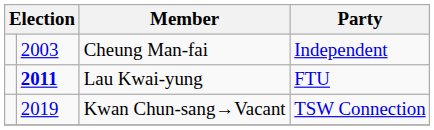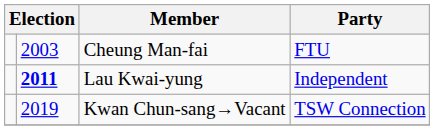 <table class="wikitable">
 <tr>
 <th colspan="2">Election</th>
 <th>Member</th>
 <th>Party</th>
 </tr>
 <tr>
 <td style="background-color: "></td>
 <td><a href='#'>2003</a></td>
 <td>Cheung Man-fai</td>
-<td><a href='#'>Independent</a></td>
+<td><a href='#'>FTU</a></td>
 </tr>
 <tr>
 <td style="background-color: "></td>
 <td><strong><a href='#'>2011</a></strong></td>
 <td>Lau Kwai-yung</td>
-<td><a href='#'>FTU</a></td>
+<td><a href='#'>Independent</a></td>
 </tr>
 <tr>
 <td style="background-color: "></td>
 <td><a href='#'>2019</a></td>
 <td>Kwan Chun-sang→Vacant</td>
 <td><a href='#'>TSW Connection</a></td>
 </tr>
 <tr>
 </tr>
 </table>
